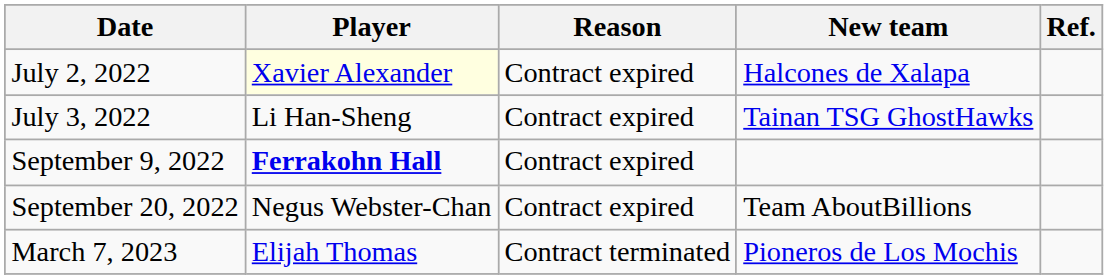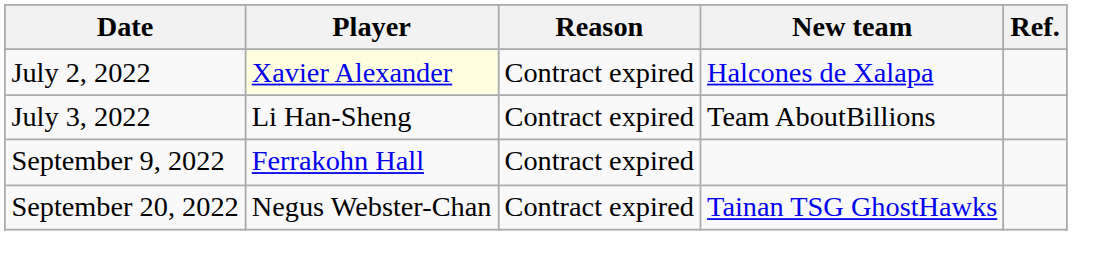 <table class="wikitable">
 <tr>
 <th>Date</th>
 <th>Player</th>
 <th>Reason</th>
 <th>New team</th>
 <th>Ref.</th>
 </tr>
 <tr>
 <td>July 2, 2022</td>
 <td style="background: lightyellow;"><a href='#'>Xavier Alexander</a></td>
 <td>Contract expired</td>
 <td> <a href='#'>Halcones de Xalapa</a></td>
 <td></td>
 </tr>
 <tr>
 <td>July 3, 2022</td>
 <td>Li Han-Sheng</td>
 <td>Contract expired</td>
-<td> <a href='#'>Tainan TSG GhostHawks</a></td>
+<td> Team AboutBillions</td>
 <td></td>
 </tr>
 <tr>
 <td>September 9, 2022</td>
-<td><strong><a href='#'>Ferrakohn Hall</a></strong></td>
+<td><a href='#'>Ferrakohn Hall</a></td>
 <td>Contract expired</td>
 <td></td>
 <td></td>
 </tr>
 <tr>
 <td>September 20, 2022</td>
 <td>Negus Webster-Chan</td>
 <td>Contract expired</td>
-<td> Team AboutBillions</td>
-<td></td>
-</tr>
-<tr>
-<td>March 7, 2023</td>
-<td><a href='#'>Elijah Thomas</a></td>
-<td>Contract terminated</td>
-<td> <a href='#'>Pioneros de Los Mochis</a></td>
+<td> <a href='#'>Tainan TSG GhostHawks</a></td>
 <td></td>
 </tr>
 </table>
